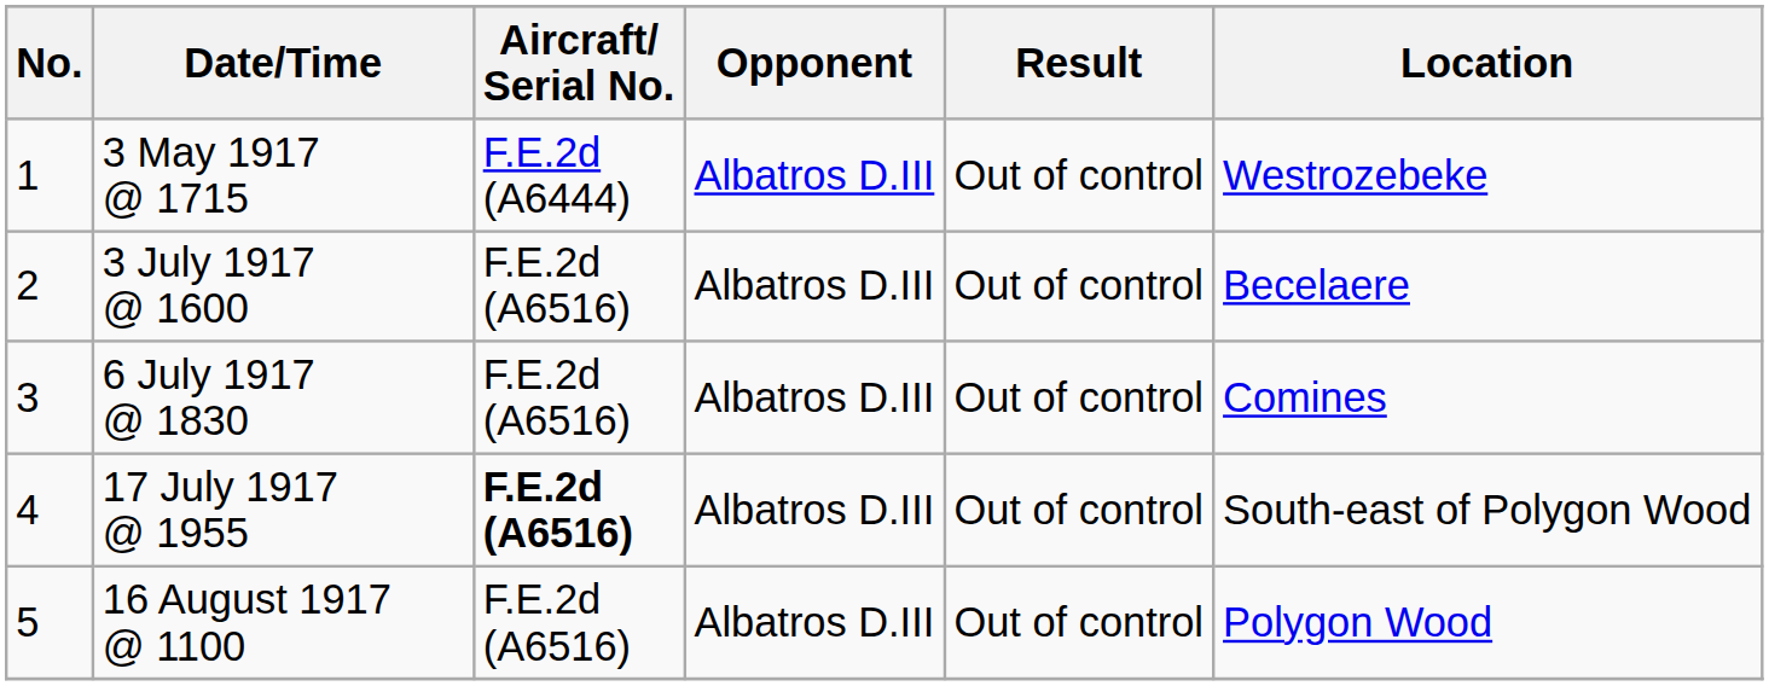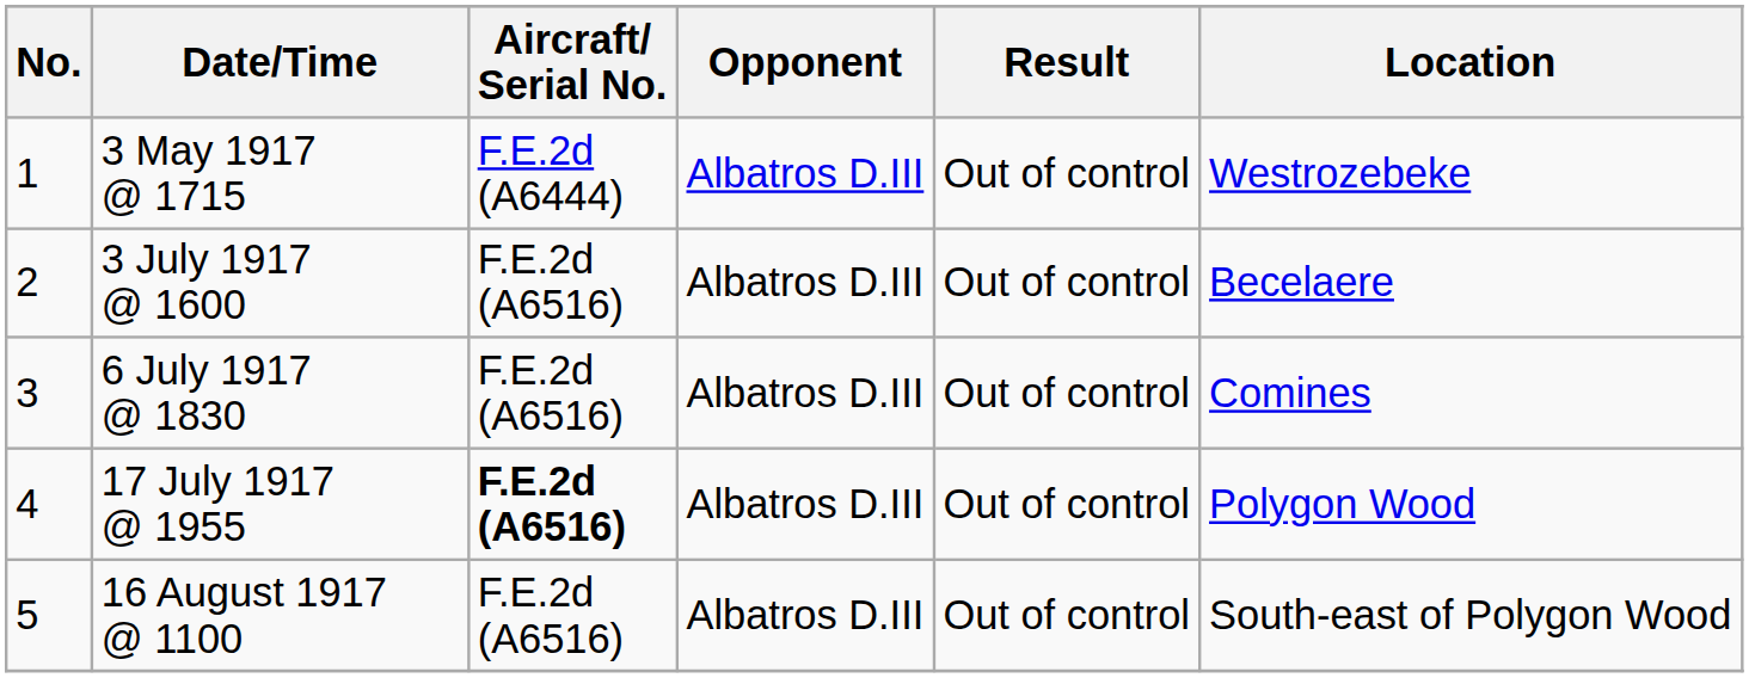 <table class="wikitable" style="font-size:90%;">
 <tr>
 </tr>
 <tr>
 <th>No.</th>
 <th width="125">Date/Time</th>
 <th>Aircraft/<br>Serial No.</th>
 <th>Opponent</th>
 <th>Result</th>
 <th>Location</th>
 </tr>
 <tr>
 <td>1</td>
 <td>3 May 1917<br>@ 1715</td>
 <td><a href='#'>F.E.2d</a><br>(A6444)</td>
 <td><a href='#'>Albatros D.III</a></td>
 <td>Out of control</td>
 <td><a href='#'>Westrozebeke</a></td>
 </tr>
 <tr>
 <td>2</td>
 <td>3 July 1917<br>@ 1600</td>
 <td>F.E.2d<br>(A6516)</td>
 <td>Albatros D.III</td>
 <td>Out of control</td>
 <td><a href='#'>Becelaere</a></td>
 </tr>
 <tr>
 <td>3</td>
 <td>6 July 1917<br>@ 1830</td>
 <td>F.E.2d<br>(A6516)</td>
 <td>Albatros D.III</td>
 <td>Out of control</td>
 <td><a href='#'>Comines</a></td>
 </tr>
 <tr>
 <td>4</td>
 <td>17 July 1917<br>@ 1955</td>
 <td><strong>F.E.2d<br>(A6516)</strong></td>
 <td>Albatros D.III</td>
 <td>Out of control</td>
-<td>South-east of Polygon Wood</td>
+<td><a href='#'>Polygon Wood</a></td>
 </tr>
 <tr>
 <td>5</td>
 <td>16 August 1917<br>@ 1100</td>
 <td>F.E.2d<br>(A6516)</td>
 <td>Albatros D.III</td>
 <td>Out of control</td>
-<td><a href='#'>Polygon Wood</a></td>
+<td>South-east of Polygon Wood</td>
 </tr>
 <tr>
 </tr>
 </table>
